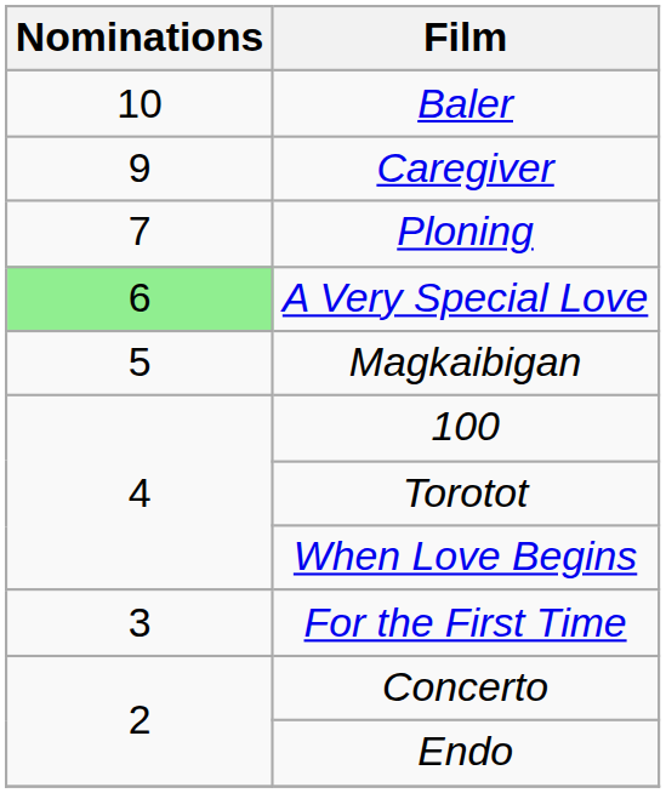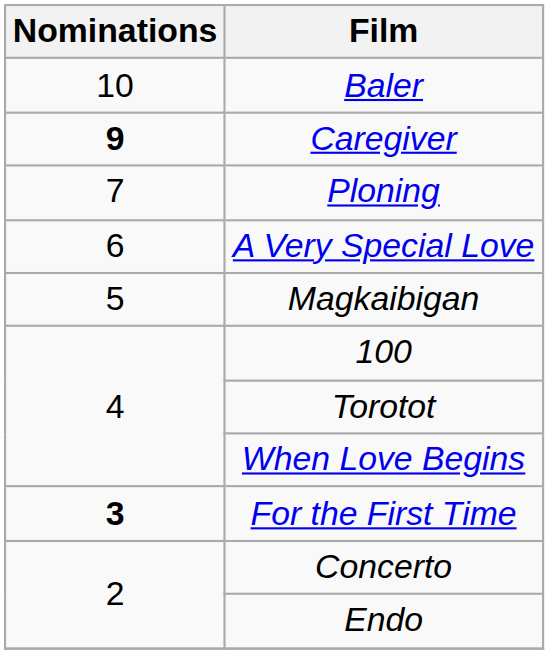 <table class="wikitable" style="text-align:center;">
 <tr>
 <th scope="col" width="55">Nominations</th>
 <th scope="col" align="center">Film</th>
 </tr>
 <tr>
 <td style="text-align:center">10</td>
 <td><em><a href='#'>Baler</a></em></td>
 </tr>
 <tr>
-<td style="text-align:center">9</td>
+<td style="text-align:center"><strong>9</strong></td>
 <td><em><a href='#'>Caregiver</a></em></td>
 </tr>
 <tr>
 <td style="text-align:center">7</td>
 <td><em><a href='#'>Ploning</a></em></td>
 </tr>
 <tr>
-<td style="background: lightgreen; text-align:center">6</td>
+<td style="text-align:center">6</td>
 <td><em><a href='#'>A Very Special Love</a></em></td>
 </tr>
 <tr>
 <td style="text-align:center">5</td>
 <td><em>Magkaibigan</em></td>
 </tr>
 <tr>
 <td rowspan=3 style="text-align:center">4</td>
 <td><em>100</em></td>
 </tr>
 <tr>
 <td><em>Torotot</em></td>
 </tr>
 <tr>
 <td><em><a href='#'>When Love Begins</a></em></td>
 </tr>
 <tr>
-<td style="text-align:center">3</td>
+<td style="text-align:center"><strong>3</strong></td>
 <td><em><a href='#'>For the First Time</a></em></td>
 </tr>
 <tr>
 <td rowspan=2 style="text-align:center">2</td>
 <td><em>Concerto</em></td>
 </tr>
 <tr>
 <td><em>Endo</em></td>
 </tr>
 <tr>
 </tr>
 </table>
